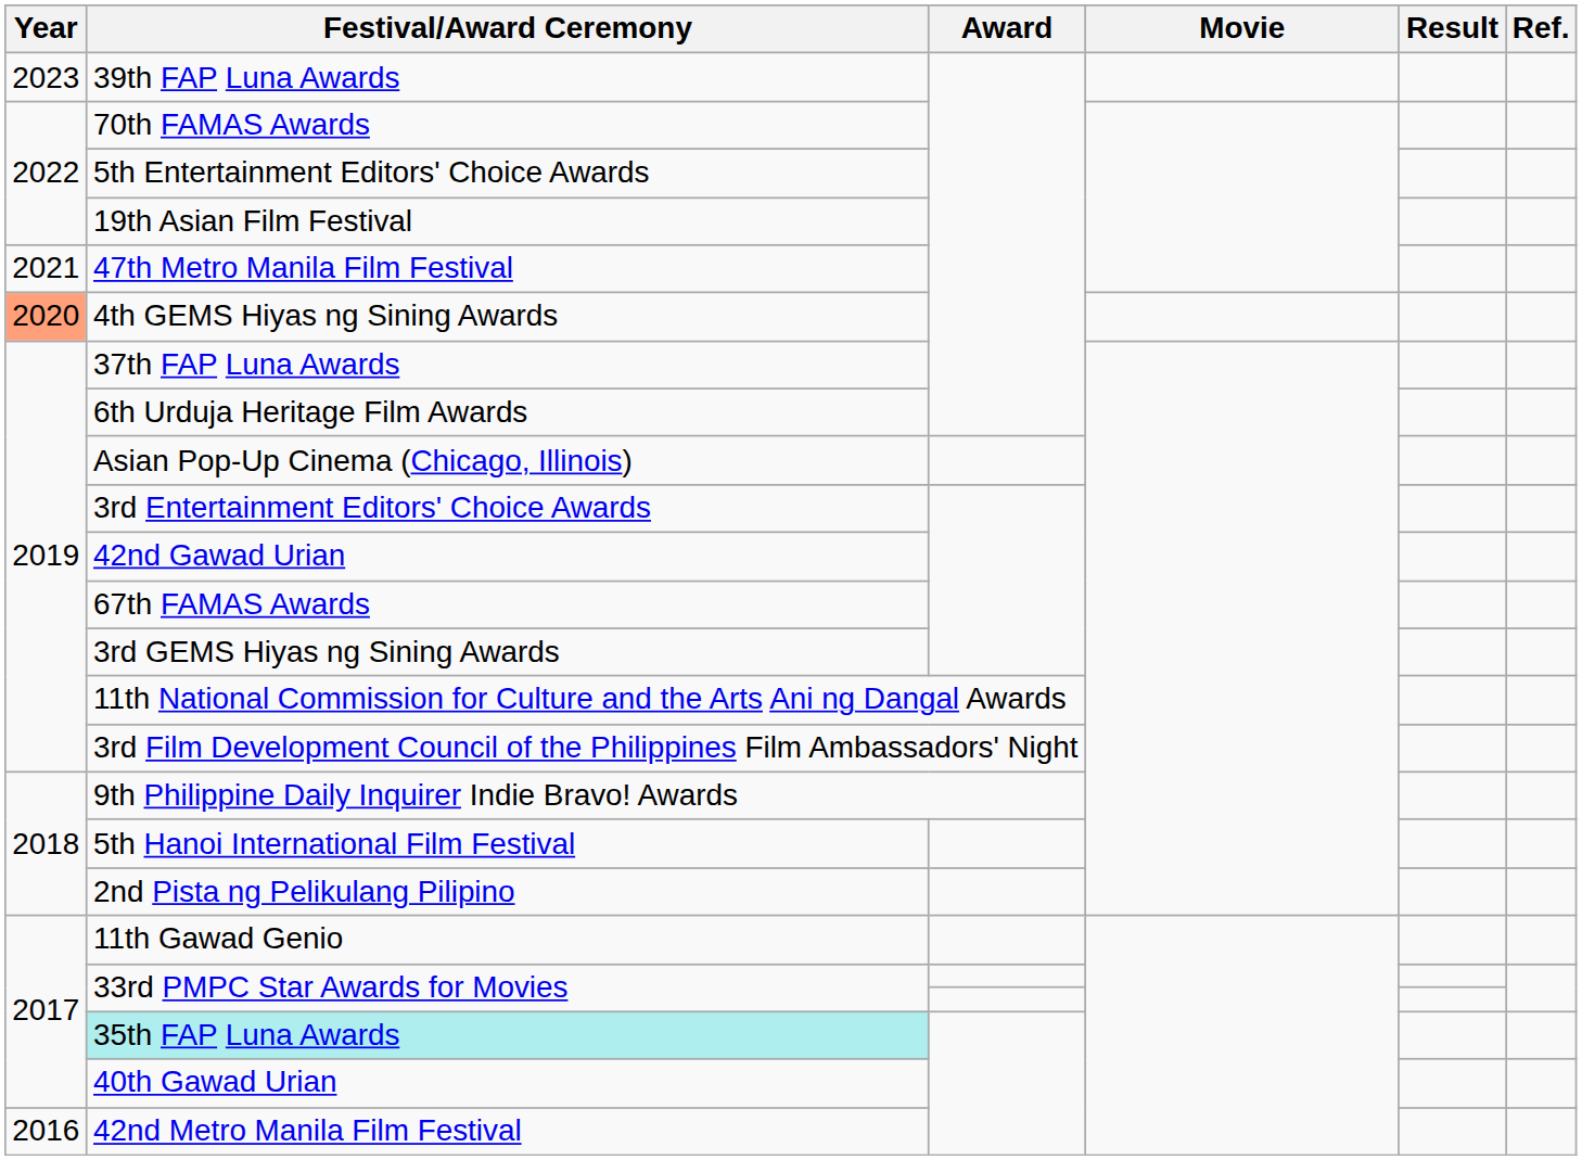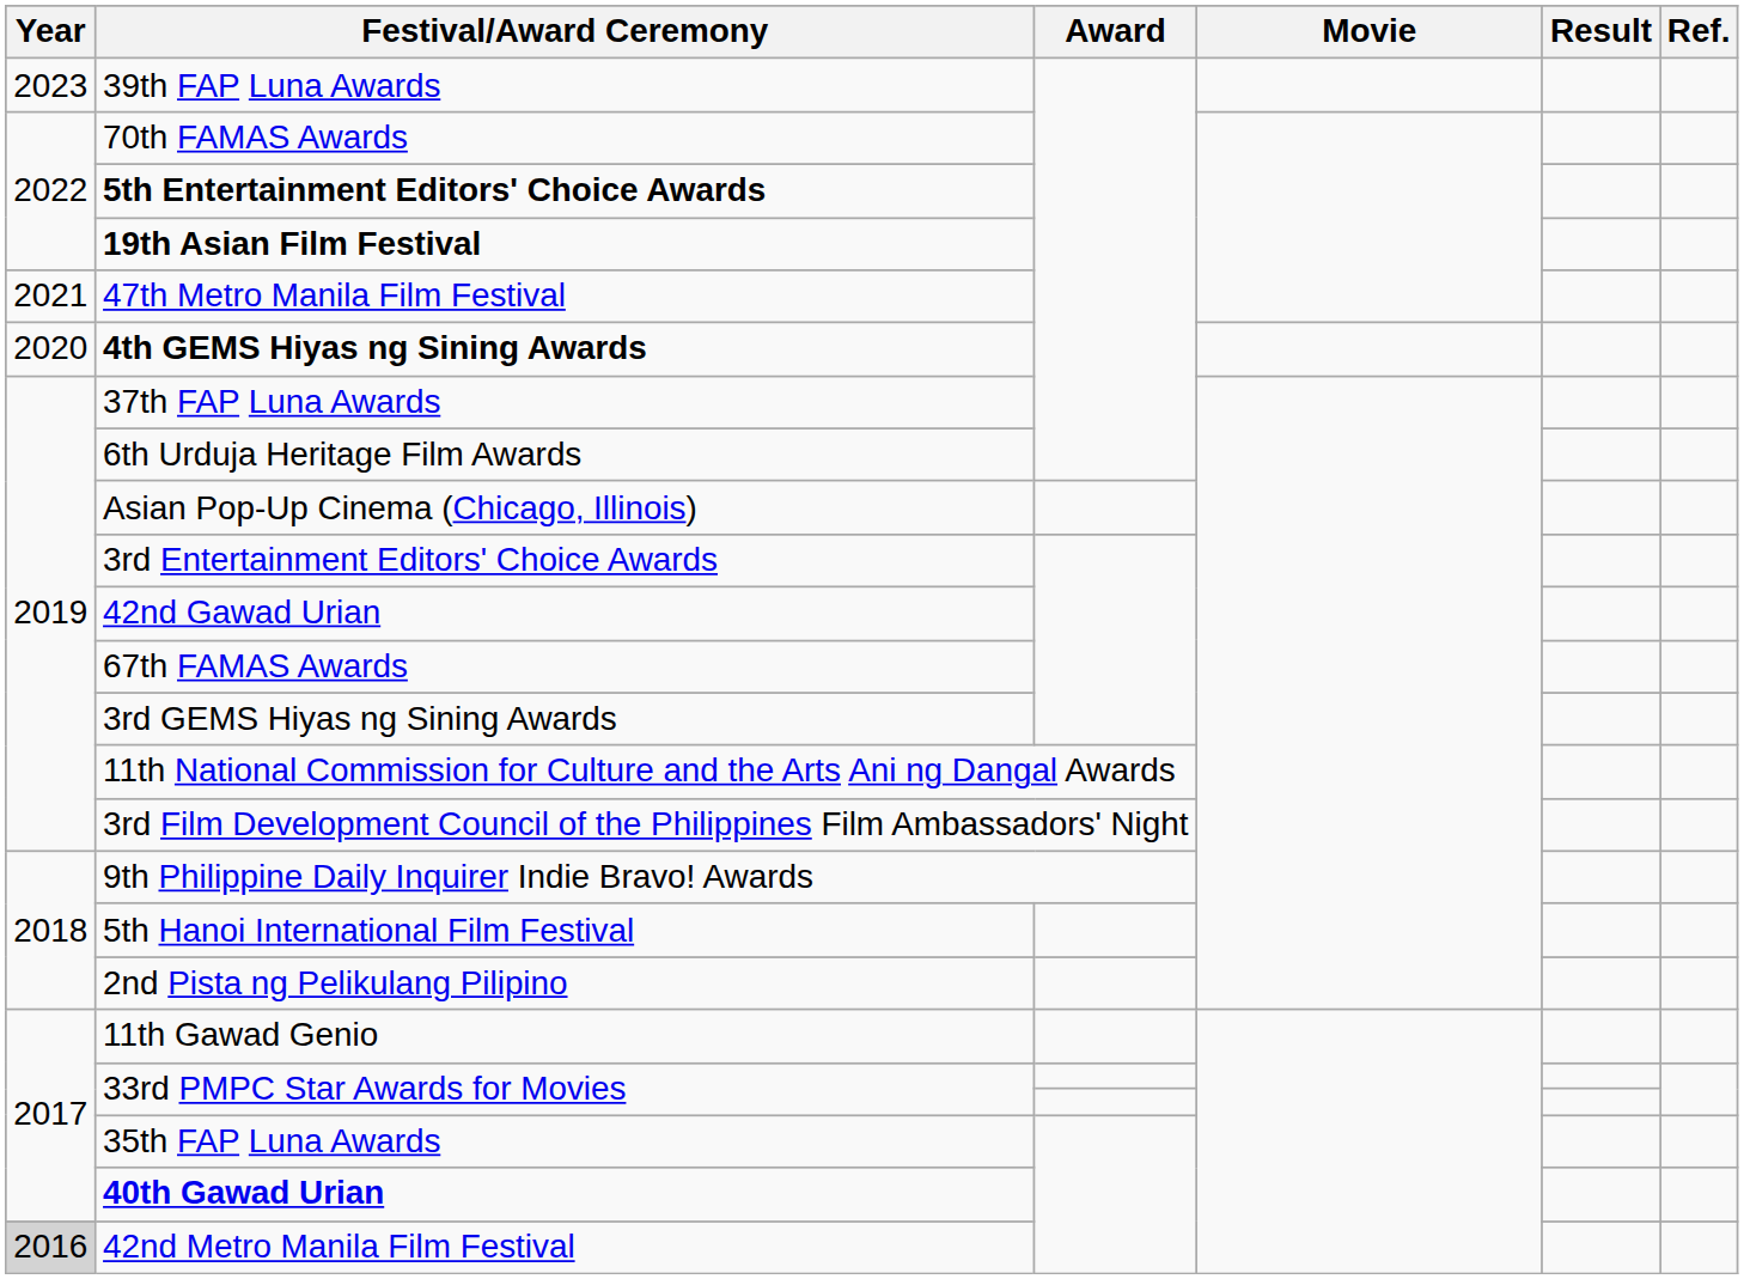 <table class="wikitable">
 <tr>
 <th>Year</th>
 <th>Festival/Award Ceremony</th>
 <th>Award</th>
 <th style="width:20%;">Movie</th>
 <th>Result</th>
 <th>Ref.</th>
 </tr>
 <tr>
 <td>2023</td>
 <td>39th <a href='#'>FAP</a> <a href='#'>Luna Awards</a></td>
 <td rowspan=8></td>
 <td></td>
 <td></td>
 <td></td>
 </tr>
 <tr>
 <td rowspan=3>2022</td>
 <td>70th <a href='#'>FAMAS Awards</a></td>
 <td rowspan=4></td>
 <td></td>
 <td></td>
 </tr>
 <tr>
-<td>5th Entertainment Editors' Choice Awards</td>
+<td><strong>5th Entertainment Editors' Choice Awards</strong></td>
 <td></td>
 <td></td>
 </tr>
 <tr>
-<td>19th Asian Film Festival</td>
+<td><strong>19th Asian Film Festival</strong></td>
 <td></td>
 <td></td>
 </tr>
 <tr>
 <td>2021</td>
 <td><a href='#'>47th Metro Manila Film Festival</a></td>
 <td></td>
 <td></td>
 </tr>
 <tr>
-<td style="background: lightsalmon;">2020</td>
-<td>4th GEMS Hiyas ng Sining Awards</td>
+<td>2020</td>
+<td><strong>4th GEMS Hiyas ng Sining Awards</strong></td>
 <td></td>
 <td></td>
 <td></td>
 </tr>
 <tr>
 <td rowspan=9>2019</td>
 <td>37th <a href='#'>FAP</a> <a href='#'>Luna Awards</a></td>
 <td rowspan=12></td>
 <td></td>
 <td></td>
 </tr>
 <tr>
 <td>6th Urduja Heritage Film Awards</td>
 <td></td>
 <td></td>
 </tr>
 <tr>
 <td>Asian Pop-Up Cinema (<a href='#'>Chicago, Illinois</a>)</td>
 <td></td>
 <td></td>
 <td></td>
 </tr>
 <tr>
 <td>3rd <a href='#'>Entertainment Editors' Choice Awards</a></td>
 <td rowspan=4></td>
 <td></td>
 <td></td>
 </tr>
 <tr>
 <td><a href='#'>42nd Gawad Urian</a></td>
 <td></td>
 <td></td>
 </tr>
 <tr>
 <td>67th <a href='#'>FAMAS Awards</a></td>
 <td></td>
 <td></td>
 </tr>
 <tr>
 <td>3rd GEMS Hiyas ng Sining Awards</td>
 <td></td>
 <td></td>
 </tr>
 <tr>
 <td colspan=2>11th <a href='#'>National Commission for Culture and the Arts</a> <a href='#'>Ani ng Dangal</a> Awards</td>
 <td></td>
 <td></td>
 </tr>
 <tr>
 <td colspan=2>3rd <a href='#'>Film Development Council of the Philippines</a> Film Ambassadors' Night</td>
 <td></td>
 <td></td>
 </tr>
 <tr>
 <td rowspan=3>2018</td>
 <td colspan=2>9th <a href='#'>Philippine Daily Inquirer</a> Indie Bravo! Awards</td>
 <td></td>
 <td></td>
 </tr>
 <tr>
 <td>5th <a href='#'>Hanoi International Film Festival</a></td>
 <td></td>
 <td></td>
 <td></td>
 </tr>
 <tr>
 <td>2nd <a href='#'>Pista ng Pelikulang Pilipino</a></td>
 <td></td>
 <td></td>
 <td></td>
 </tr>
 <tr>
 <td rowspan=5>2017</td>
 <td>11th Gawad Genio</td>
 <td></td>
 <td rowspan=6></td>
 <td></td>
 <td></td>
 </tr>
 <tr>
 <td rowspan=2>33rd <a href='#'>PMPC Star Awards for Movies</a></td>
 <td></td>
 <td></td>
 <td rowspan=2></td>
 </tr>
 <tr>
 <td></td>
 <td></td>
 </tr>
 <tr>
-<td style="background: paleturquoise;">35th <a href='#'>FAP</a> <a href='#'>Luna Awards</a></td>
+<td>35th <a href='#'>FAP</a> <a href='#'>Luna Awards</a></td>
 <td rowspan=3></td>
 <td></td>
 <td></td>
 </tr>
 <tr>
-<td><a href='#'>40th Gawad Urian</a></td>
+<td><strong><a href='#'>40th Gawad Urian</a></strong></td>
 <td></td>
 <td></td>
 </tr>
 <tr>
-<td>2016</td>
+<td style="background: lightgrey;">2016</td>
 <td><a href='#'>42nd Metro Manila Film Festival</a></td>
 <td></td>
 <td></td>
 </tr>
 </table>
